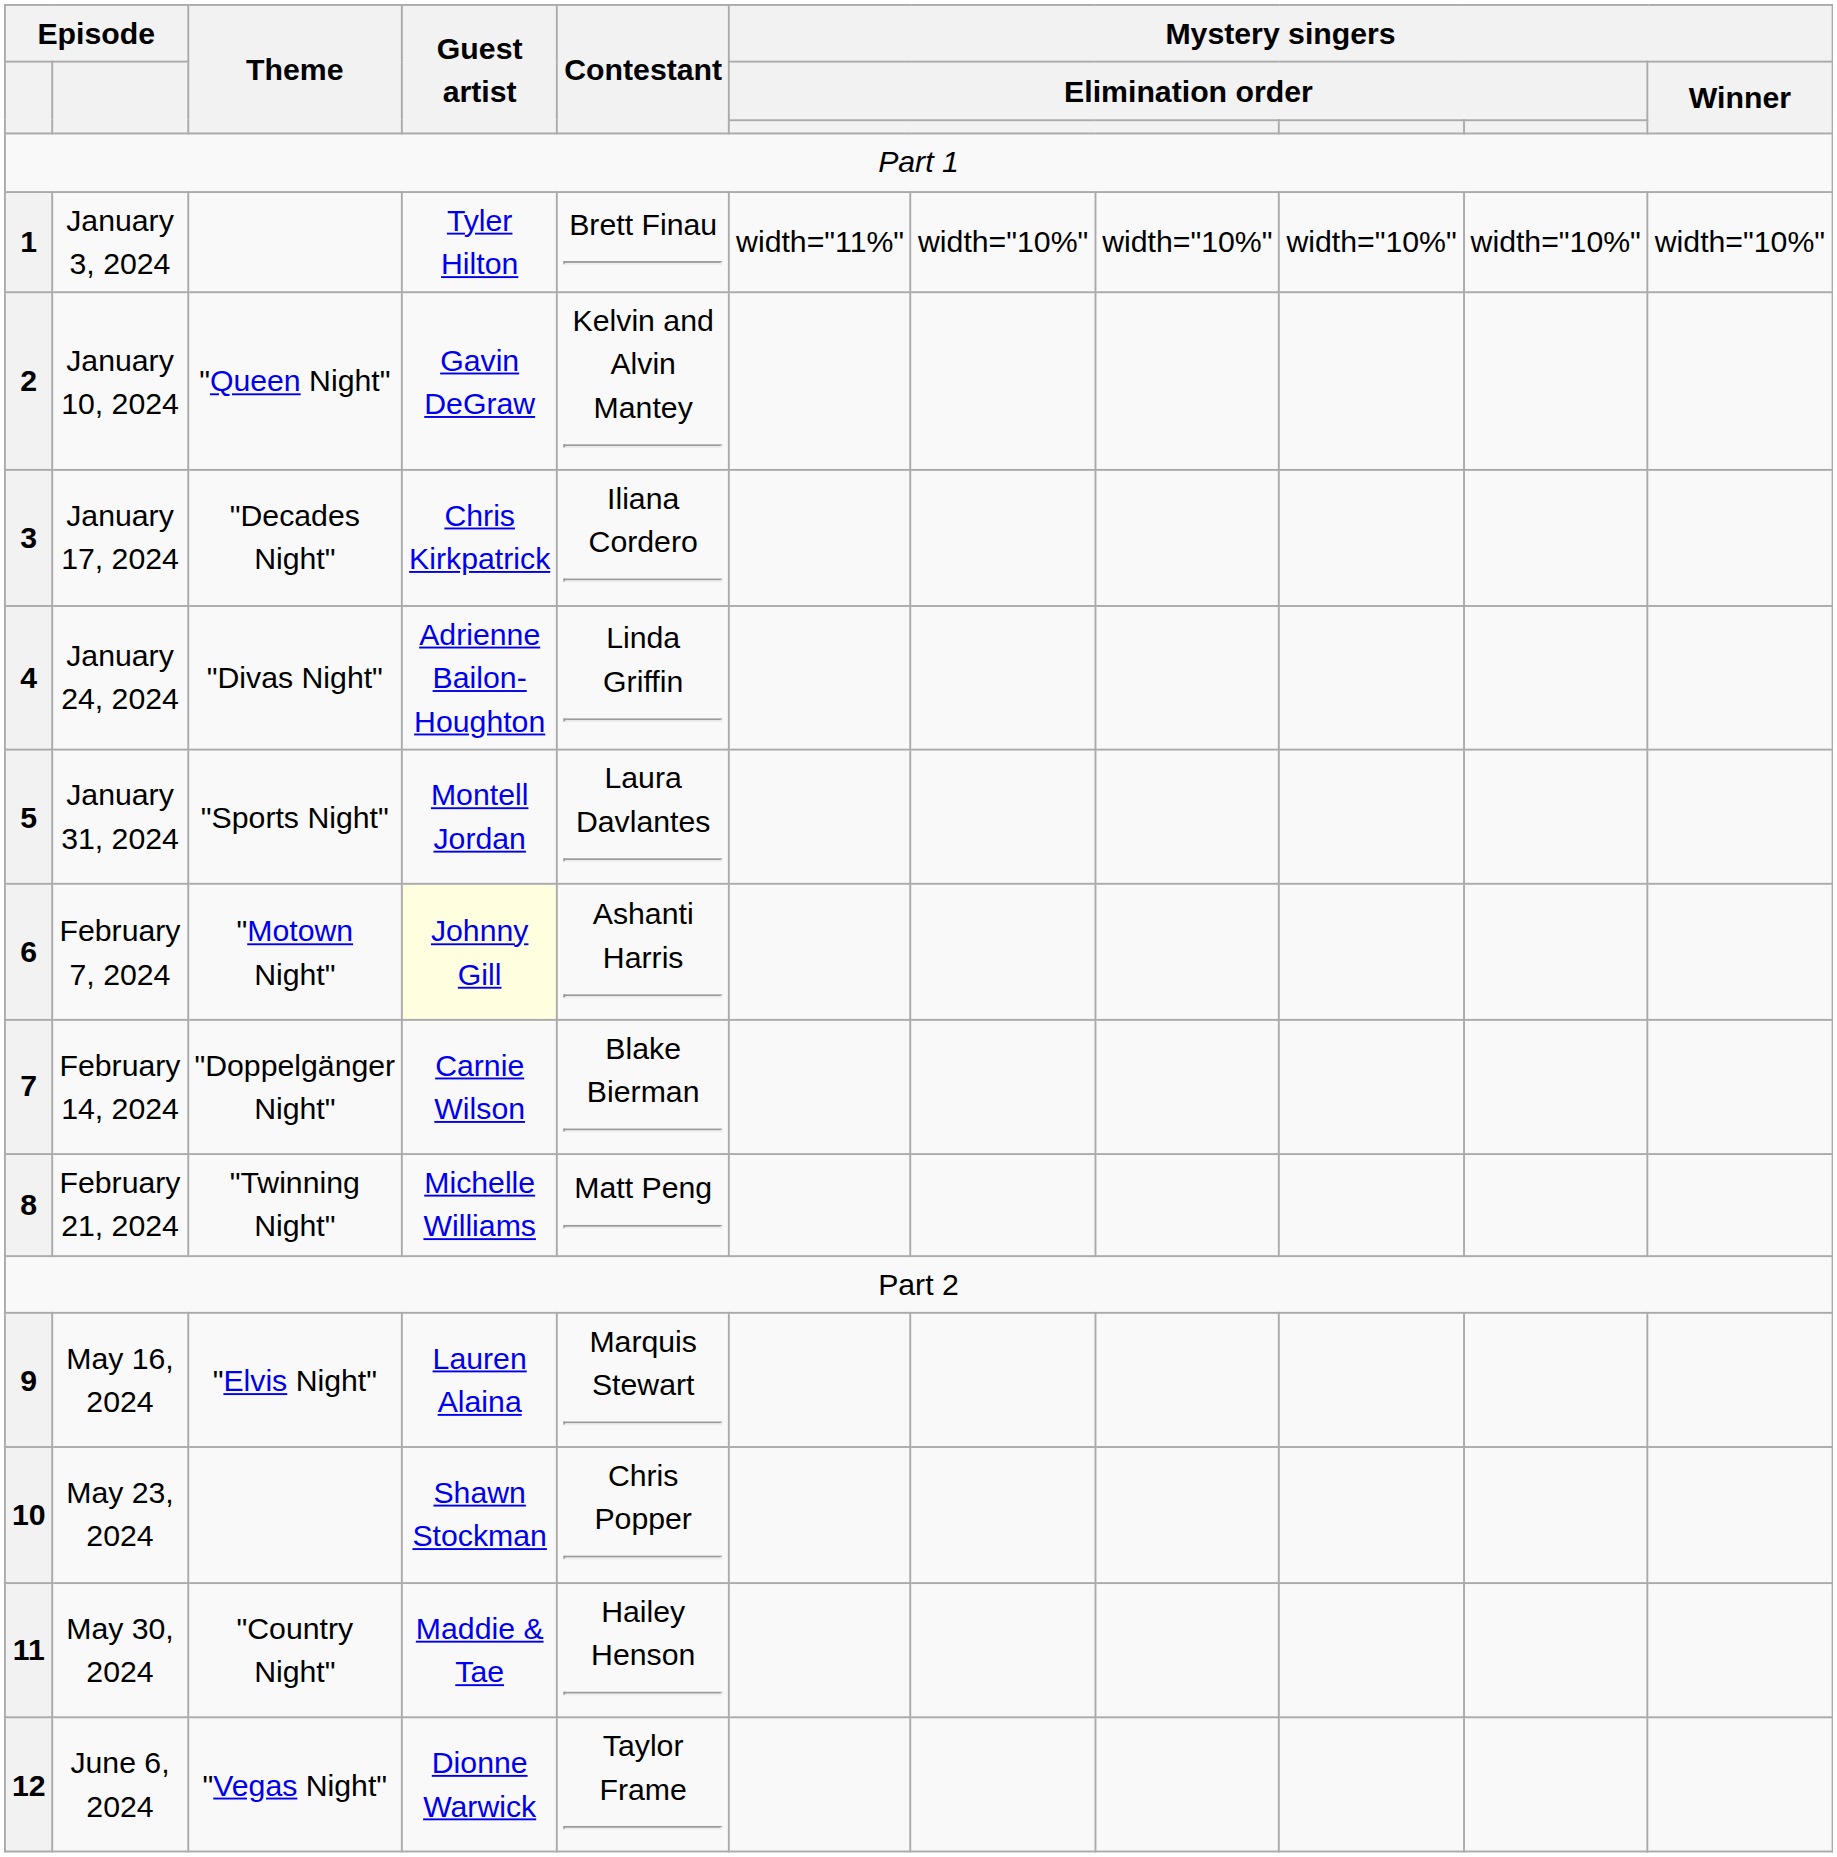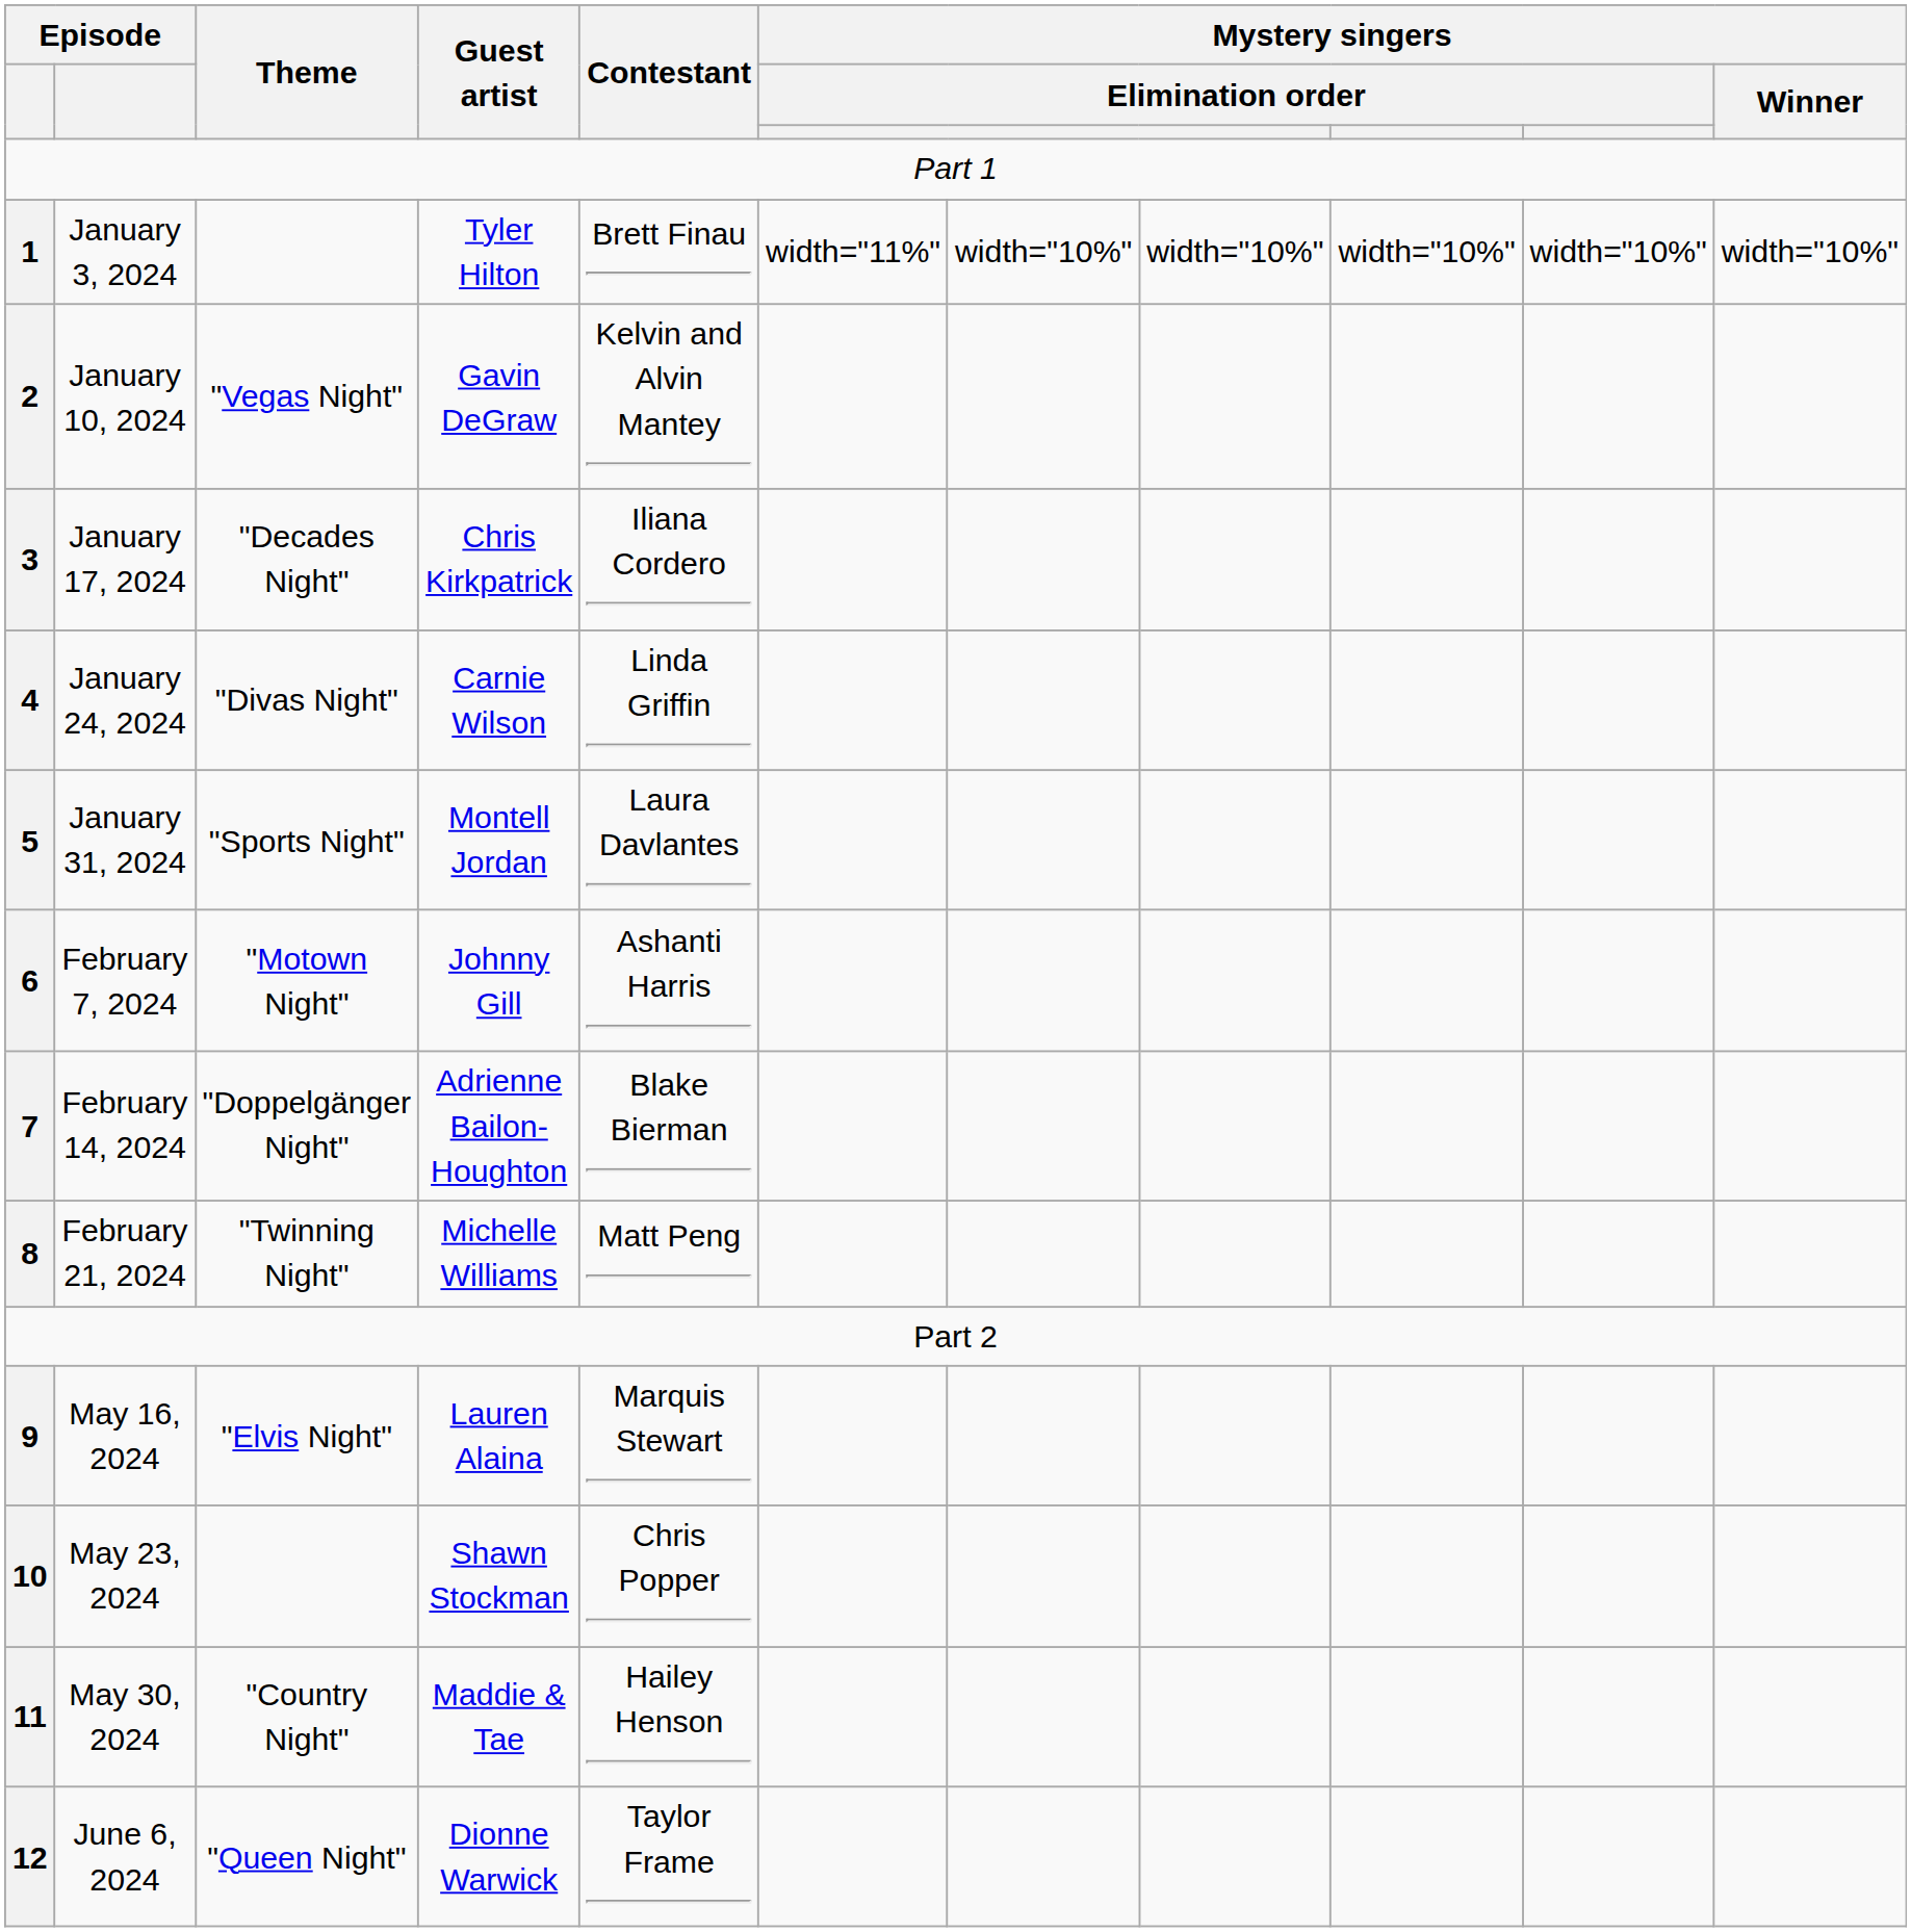 <table class="wikitable plainrowheaders mw-collapsible" style="text-align:center; line-height:23px; width:100%;">
 <tr>
 <th colspan="2" width="1%">Episode</th>
 <th rowspan="3" width="10%">Theme</th>
 <th rowspan="3" width="10%">Guest artist</th>
 <th rowspan="3" width="10%">Contestant</th>
 <th colspan="6">Mystery singers<br></th>
 </tr>
 <tr>
 <th rowspan="2"></th>
 <th rowspan="2"></th>
 <th colspan="5">Elimination order</th>
 <th rowspan="2">Winner</th>
 </tr>
 <tr>
 <th colspan="3"></th>
 <th></th>
 <th></th>
 </tr>
 <tr>
 <td colspan="11"><em>Part 1</em></td>
 </tr>
 <tr>
 <th>1</th>
 <td>January 3, 2024</td>
 <td></td>
 <td><a href='#'>Tyler Hilton</a></td>
 <td>Brett Finau<hr></td>
 <td>width="11%" </td>
 <td>width="10%" </td>
 <td>width="10%" </td>
 <td>width="10%" </td>
 <td>width="10%" </td>
 <td>width="10%" </td>
 </tr>
 <tr>
 <th>2</th>
 <td>January 10, 2024</td>
-<td>"<a href='#'>Queen</a> Night"</td>
+<td>"<a href='#'>Vegas</a> Night"</td>
 <td><a href='#'>Gavin DeGraw</a><br></td>
 <td>Kelvin and Alvin Mantey<hr></td>
 <td></td>
 <td></td>
 <td></td>
 <td></td>
 <td></td>
 <td></td>
 </tr>
 <tr>
 <th>3</th>
 <td>January 17, 2024</td>
 <td>"Decades Night"</td>
 <td><a href='#'>Chris Kirkpatrick</a><br></td>
 <td>Iliana Cordero<hr></td>
 <td></td>
 <td></td>
 <td></td>
 <td></td>
 <td></td>
 <td><em></td>
 </tr>
 <tr>
 <th>4</th>
 <td>January 24, 2024</td>
 <td>"Divas Night"</td>
-<td></em><a href='#'>Adrienne Bailon-Houghton</a><em></td>
+<td><a href='#'>Carnie Wilson</a></td>
 <td>Linda Griffin<hr></td>
 <td></td>
 <td></td>
 <td></td>
 <td></td>
 <td></td>
 <td></td>
 </tr>
 <tr>
 <th>5</th>
 <td>January 31, 2024</td>
 <td>"Sports Night"</td>
 <td><a href='#'>Montell Jordan</a></td>
 <td>Laura Davlantes<hr></td>
 <td></td>
 <td></td>
 <td></td>
 <td></td>
 <td></td>
 <td></td>
 </tr>
 <tr>
 <th>6</th>
 <td>February 7, 2024</td>
 <td>"<a href='#'>Motown</a> Night"</td>
-<td style="background: lightyellow;"><a href='#'>Johnny Gill</a></td>
+<td><a href='#'>Johnny Gill</a></td>
 <td>Ashanti Harris<hr></td>
 <td></td>
 <td></td>
 <td></td>
 <td></td>
 <td></td>
 <td></td>
 </tr>
 <tr>
 <th>7</th>
 <td>February 14, 2024</td>
 <td>"Doppelgänger Night"</td>
-<td><a href='#'>Carnie Wilson</a></td>
+<td></em><a href='#'>Adrienne Bailon-Houghton</a><em></td>
 <td>Blake Bierman<hr></td>
 <td></td>
 <td></td>
 <td></td>
 <td></td>
 <td></td>
 <td></td>
 </tr>
 <tr>
 <th>8</th>
 <td>February 21, 2024</td>
 <td>"Twinning Night"</td>
 <td><a href='#'>Michelle Williams</a></td>
 <td>Matt Peng<hr></td>
 <td></td>
 <td></td>
 <td></td>
 <td></td>
 <td></td>
 <td></td>
 </tr>
 <tr>
 <td colspan="11"></em>Part 2<em></td>
 </tr>
 <tr>
 <th>9</th>
 <td>May 16, 2024</td>
 <td>"<a href='#'>Elvis</a> Night"</td>
 <td><a href='#'>Lauren Alaina</a></td>
 <td>Marquis Stewart<hr></td>
 <td></td>
 <td></td>
 <td></td>
 <td></td>
 <td></td>
 <td></td>
 </tr>
 <tr>
 <th>10</th>
 <td>May 23, 2024</td>
 <td></td>
 <td><a href='#'>Shawn Stockman</a><br></td>
 <td>Chris Popper<hr></td>
 <td></td>
 <td></td>
 <td></td>
 <td></td>
 <td></td>
 <td></td>
 </tr>
 <tr>
 <th>11</th>
 <td>May 30, 2024</td>
 <td>"Country Night"</td>
 <td><a href='#'>Maddie & Tae</a><br></td>
 <td>Hailey Henson<hr></td>
 <td></td>
 <td></td>
 <td></td>
 <td></td>
 <td></td>
 <td></td>
 </tr>
 <tr>
 <th>12</th>
 <td>June 6, 2024</td>
-<td>"<a href='#'>Vegas</a> Night"</td>
+<td>"<a href='#'>Queen</a> Night"</td>
 <td><a href='#'>Dionne Warwick</a></td>
 <td>Taylor Frame<hr></td>
 <td></td>
 <td></td>
 <td></td>
 <td></td>
 <td></td>
 <td></td>
 </tr>
 </table>
